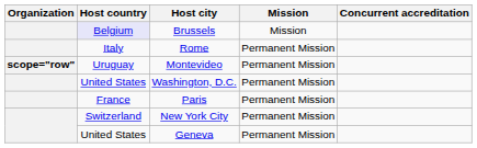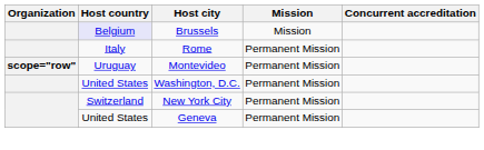 <table class="wikitable plainrowheaders" style="text-align:center">
 <tr>
 <th scope="col">Organization</th>
 <th scope="col">Host country</th>
 <th scope="col">Host city</th>
 <th scope="col">Mission</th>
 <th scope="col">Concurrent accreditation</th>
 </tr>
 <tr>
 <th scope="row"></th>
 <td style="background: lavender;"><a href='#'>Belgium</a></td>
 <td><a href='#'>Brussels</a></td>
 <td>Mission</td>
 <td></td>
 </tr>
 <tr>
 <th scope="row"></th>
 <td><a href='#'>Italy</a></td>
 <td><a href='#'>Rome</a></td>
 <td>Permanent Mission</td>
 <td></td>
 </tr>
 <tr>
 <th>scope="row"</th>
 <td><a href='#'>Uruguay</a></td>
 <td><a href='#'>Montevideo</a></td>
 <td>Permanent Mission</td>
 <td></td>
 </tr>
 <tr>
 <th scope="row"></th>
 <td><a href='#'>United States</a></td>
 <td><a href='#'>Washington, D.C.</a></td>
 <td>Permanent Mission</td>
 <td></td>
 </tr>
 <tr>
-<th scope="row"></th>
-<td><a href='#'>France</a></td>
-<td><a href='#'>Paris</a></td>
-<td>Permanent Mission</td>
-<td></td>
-</tr>
-<tr>
 <th rowspan="2" scope="row"></th>
 <td><a href='#'>Switzerland</a></td>
 <td><a href='#'>New York City</a></td>
 <td>Permanent Mission</td>
 <td></td>
 </tr>
 <tr>
 <td>United States</td>
 <td><a href='#'>Geneva</a></td>
 <td>Permanent Mission</td>
 <td></td>
 </tr>
 </table>
